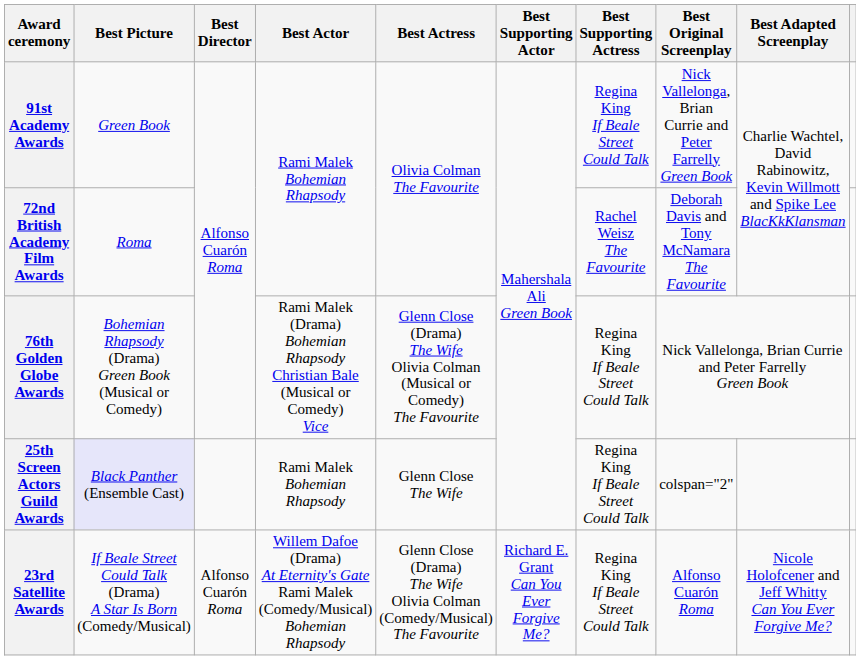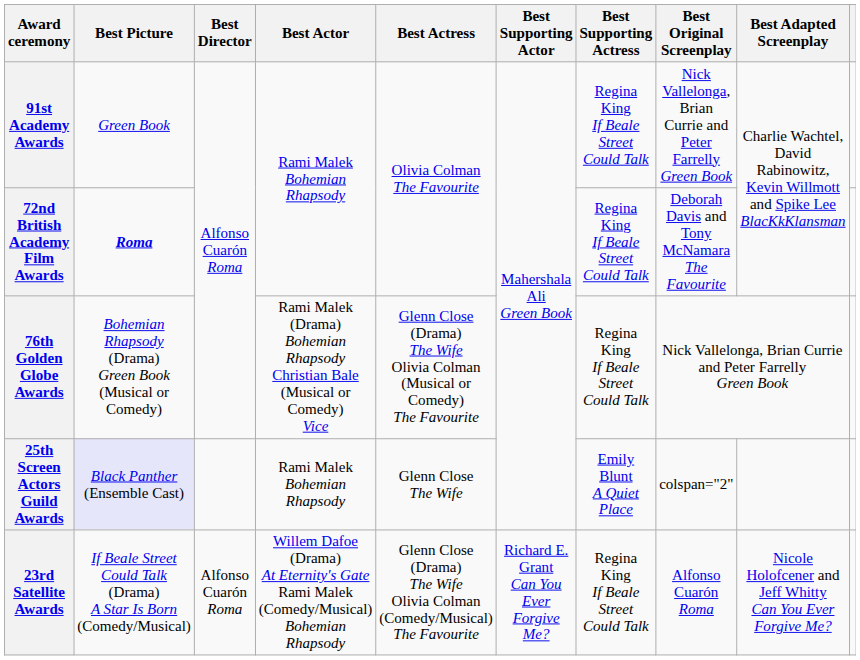 <table class="wikitable" style="text-align:center">
 <tr>
 <th>Award ceremony</th>
 <th>Best Picture</th>
 <th>Best Director</th>
 <th>Best Actor</th>
 <th>Best Actress</th>
 <th>Best Supporting Actor</th>
 <th>Best Supporting Actress</th>
 <th>Best Original Screenplay</th>
 <th>Best Adapted Screenplay</th>
 <th></th>
 </tr>
 <tr>
 <th scope="row"><a href='#'>91st Academy Awards</a></th>
 <td><em><a href='#'>Green Book</a></em></td>
 <td rowspan="3"><a href='#'>Alfonso Cuarón</a><br><em><a href='#'>Roma</a></em></td>
 <td rowspan="2"><a href='#'>Rami Malek</a><br><em><a href='#'>Bohemian Rhapsody</a></em></td>
 <td rowspan="2"><a href='#'>Olivia Colman</a><br><em><a href='#'>The Favourite</a></em></td>
 <td rowspan="4"><a href='#'>Mahershala Ali</a><br><em><a href='#'>Green Book</a></em></td>
 <td><a href='#'>Regina King</a><br><em><a href='#'>If Beale Street Could Talk</a></em></td>
 <td><a href='#'>Nick Vallelonga</a>, Brian Currie and <a href='#'>Peter Farrelly</a><br><em><a href='#'>Green Book</a></em></td>
 <td rowspan="2">Charlie Wachtel, David Rabinowitz, <a href='#'>Kevin Willmott</a> and <a href='#'>Spike Lee</a><br><em><a href='#'>BlacKkKlansman</a></em></td>
 <td></td>
 </tr>
 <tr>
 <th scope="row"><a href='#'>72nd British Academy Film Awards</a></th>
-<td><em><a href='#'>Roma</a></em></td>
-<td><a href='#'>Rachel Weisz</a><br><em><a href='#'>The Favourite</a></em></td>
+<td><strong><em><a href='#'>Roma</a></em></strong></td>
+<td><a href='#'>Regina King</a><br><em><a href='#'>If Beale Street Could Talk</a></em></td>
 <td><a href='#'>Deborah Davis</a> and <a href='#'>Tony McNamara</a><br><em><a href='#'>The Favourite</a></em></td>
 <td></td>
 </tr>
 <tr>
 <th scope="row"><a href='#'>76th Golden Globe Awards</a></th>
 <td><em><a href='#'>Bohemian Rhapsody</a></em> (Drama)<br><em>Green Book</em> (Musical or Comedy)</td>
 <td>Rami Malek (Drama)<br><em>Bohemian Rhapsody</em><br><a href='#'>Christian Bale</a> (Musical or Comedy)<br><em><a href='#'>Vice</a></em></td>
 <td><a href='#'>Glenn Close</a> (Drama)<br><em><a href='#'>The Wife</a></em><br>Olivia Colman (Musical or Comedy)<br><em>The Favourite</em></td>
 <td>Regina King<br><em>If Beale Street Could Talk</em></td>
 <td colspan="2">Nick Vallelonga, Brian Currie and Peter Farrelly<br><em>Green Book</em></td>
 <td></td>
 </tr>
 <tr>
 <th scope="row"><a href='#'>25th Screen Actors Guild Awards</a></th>
 <td style="background: lavender;"><em><a href='#'>Black Panther</a></em> (Ensemble Cast)</td>
 <td></td>
 <td>Rami Malek<br><em>Bohemian Rhapsody</em></td>
 <td>Glenn Close<br><em>The Wife</em></td>
-<td>Regina King<br><em>If Beale Street Could Talk</em></td>
+<td><a href='#'>Emily Blunt</a><br><em><a href='#'>A Quiet Place</a></em></td>
 <td>colspan="2" </td>
 <td></td>
 </tr>
 <tr>
 <th scope="row"><a href='#'>23rd Satellite Awards</a></th>
 <td><em><a href='#'>If Beale Street Could Talk</a></em> (Drama)<br><em><a href='#'>A Star Is Born</a></em> (Comedy/Musical)</td>
 <td>Alfonso Cuarón<br><em>Roma</em></td>
 <td><a href='#'>Willem Dafoe</a> (Drama)<br><em><a href='#'>At Eternity's Gate</a></em><br>Rami Malek (Comedy/Musical)<br><em>Bohemian Rhapsody</em></td>
 <td>Glenn Close (Drama)<br><em>The Wife</em><br>Olivia Colman (Comedy/Musical)<br><em>The Favourite</em></td>
 <td><a href='#'>Richard E. Grant</a><br><em><a href='#'>Can You Ever Forgive Me?</a></em></td>
 <td>Regina King<br><em>If Beale Street Could Talk</em></td>
 <td><a href='#'>Alfonso Cuarón</a><br><em><a href='#'>Roma</a></em></td>
 <td><a href='#'>Nicole Holofcener</a> and <a href='#'>Jeff Whitty</a><br><em><a href='#'>Can You Ever Forgive Me?</a></em></td>
 <td></td>
 </tr>
 </table>
